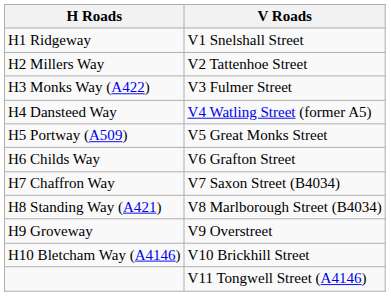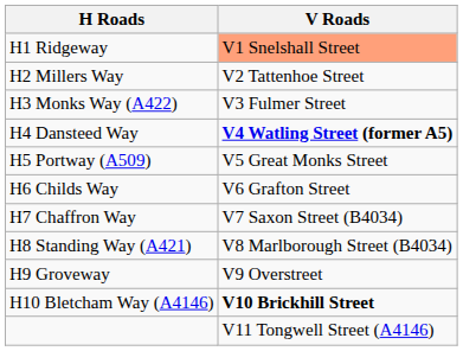 <table class="wikitable">
 <tr>
 <th>H Roads</th>
 <th>V Roads</th>
 </tr>
 <tr>
 <td>H1 Ridgeway</td>
-<td>V1 Snelshall Street</td>
+<td style="background: lightsalmon;">V1 Snelshall Street</td>
 </tr>
 <tr>
 <td>H2 Millers Way</td>
 <td>V2 Tattenhoe Street</td>
 </tr>
 <tr>
 <td>H3 Monks Way (<a href='#'>A422</a>)</td>
 <td>V3 Fulmer Street</td>
 </tr>
 <tr>
 <td>H4 Dansteed Way</td>
-<td><a href='#'>V4 Watling Street</a> (former A5)</td>
+<td><strong><a href='#'>V4 Watling Street</a> (former A5)</strong></td>
 </tr>
 <tr>
 <td>H5 Portway (<a href='#'>A509</a>)</td>
 <td>V5 Great Monks Street</td>
 </tr>
 <tr>
 <td>H6 Childs Way</td>
 <td>V6 Grafton Street</td>
 </tr>
 <tr>
 <td>H7 Chaffron Way</td>
 <td>V7 Saxon Street (B4034)</td>
 </tr>
 <tr>
 <td>H8 Standing Way (<a href='#'>A421</a>)</td>
 <td>V8 Marlborough Street (B4034)</td>
 </tr>
 <tr>
 <td>H9 Groveway</td>
 <td>V9 Overstreet</td>
 </tr>
 <tr>
 <td>H10 Bletcham Way (<a href='#'>A4146</a>)</td>
-<td>V10 Brickhill Street</td>
+<td><strong>V10 Brickhill Street</strong></td>
 </tr>
 <tr>
 <td></td>
 <td>V11 Tongwell Street (<a href='#'>A4146</a>)</td>
 </tr>
 </table>
